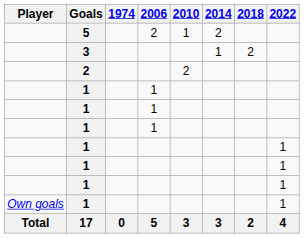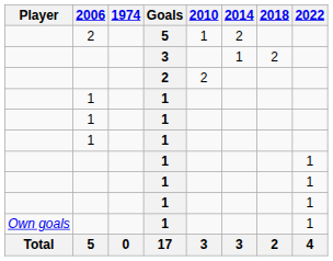 <table class="wikitable sortable" style="text-align:center;">
 <tr>
 <th>Player</th>
+<th><a href='#'>2006</a></th>
+<th><a href='#'>1974</a></th>
 <th>Goals</th>
-<th><a href='#'>1974</a></th>
-<th><a href='#'>2006</a></th>
 <th><a href='#'>2010</a></th>
 <th><a href='#'>2014</a></th>
 <th><a href='#'>2018</a></th>
 <th><a href='#'>2022</a></th>
 </tr>
 <tr>
 <td style="text-align:left;"></td>
+<td>2</td>
+<td></td>
 <th>5</th>
-<td></td>
-<td>2</td>
 <td>1</td>
 <td>2</td>
 <td></td>
 <td></td>
 </tr>
 <tr>
 <td style="text-align:left;"></td>
-<th>3</th>
 <td></td>
 <td></td>
+<th>3</th>
 <td></td>
 <td>1</td>
 <td>2</td>
 <td></td>
 </tr>
 <tr>
 <td style="text-align:left;"></td>
-<th>2</th>
 <td></td>
 <td></td>
+<th>2</th>
 <td>2</td>
 <td></td>
 <td></td>
 <td></td>
 </tr>
 <tr>
 <td style="text-align:left;"></td>
+<td>1</td>
+<td></td>
 <th>1</th>
-<td></td>
-<td>1</td>
 <td></td>
 <td></td>
 <td></td>
 <td></td>
 </tr>
 <tr>
 <td style="text-align:left;"></td>
+<td>1</td>
+<td></td>
 <th>1</th>
-<td></td>
-<td>1</td>
 <td></td>
 <td></td>
 <td></td>
 <td></td>
 </tr>
 <tr>
 <td style="text-align:left;"></td>
+<td>1</td>
+<td></td>
 <th>1</th>
-<td></td>
-<td>1</td>
 <td></td>
 <td></td>
 <td></td>
 <td></td>
 </tr>
 <tr>
 <td style="text-align:left;"></td>
-<th>1</th>
 <td></td>
 <td></td>
+<th>1</th>
 <td></td>
 <td></td>
 <td></td>
 <td>1</td>
 </tr>
 <tr>
 <td style="text-align:left;"></td>
-<th>1</th>
 <td></td>
 <td></td>
+<th>1</th>
 <td></td>
 <td></td>
 <td></td>
 <td>1</td>
 </tr>
 <tr>
 <td style="text-align:left;"></td>
-<th>1</th>
 <td></td>
 <td></td>
+<th>1</th>
 <td></td>
 <td></td>
 <td></td>
 <td>1</td>
 </tr>
 <tr>
 <td style="text-align:left;"><em><a href='#'>Own goals</a></em></td>
-<th>1</th>
 <td></td>
 <td></td>
+<th>1</th>
 <td></td>
 <td></td>
 <td></td>
 <td>1</td>
 </tr>
 <tr class="sortbottom">
 <th>Total</th>
+<th>5</th>
+<th>0</th>
 <th>17</th>
-<th>0</th>
-<th>5</th>
 <th>3</th>
 <th>3</th>
 <th>2</th>
 <th>4</th>
 </tr>
 </table>
